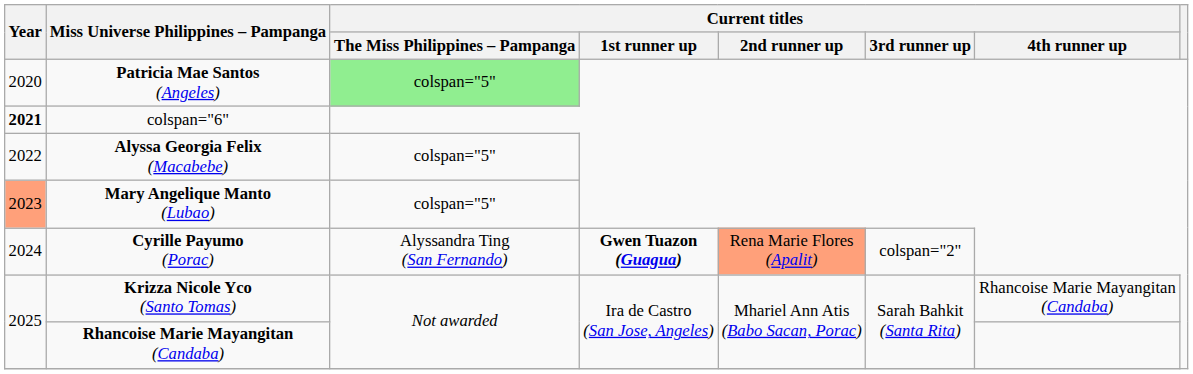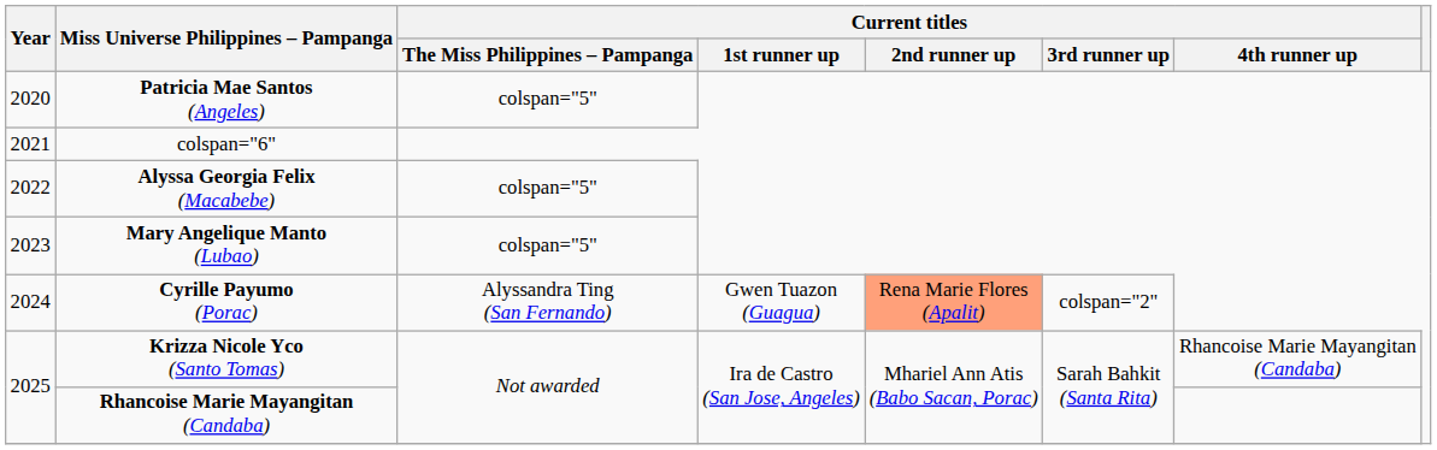 <table class="wikitable" style="text-align:center; font-size:80%">
 <tr>
 <th rowspan="2">Year</th>
 <th rowspan="2">Miss Universe Philippines – Pampanga</th>
 <th colspan="5">Current titles</th>
 <th rowspan=" 2"></th>
 </tr>
 <tr>
 <th>The Miss Philippines – Pampanga</th>
 <th>1st runner up</th>
 <th>2nd runner up</th>
 <th>3rd runner up</th>
 <th>4th runner up</th>
 </tr>
 <tr>
 <td>2020</td>
 <td><strong>Patricia Mae Santos</strong><br><em>(<a href='#'>Angeles</a>)</em></td>
-<td style="background: lightgreen;">colspan="5" </td>
+<td>colspan="5" </td>
 </tr>
 <tr>
-<td><strong>2021</strong></td>
+<td>2021</td>
 <td>colspan="6" </td>
 </tr>
 <tr>
 <td>2022</td>
 <td><strong>Alyssa Georgia Felix</strong><br><em>(<a href='#'>Macabebe</a>)</em></td>
 <td>colspan="5" </td>
 </tr>
 <tr>
-<td style="background: lightsalmon;">2023</td>
+<td>2023</td>
 <td><strong>Mary Angelique Manto</strong><br><em>(<a href='#'>Lubao</a>)</em></td>
 <td>colspan="5" </td>
 </tr>
 <tr>
 <td>2024</td>
 <td><strong>Cyrille Payumo</strong><br><em>(<a href='#'>Porac</a>)</em></td>
 <td>Alyssandra Ting<br><em>(<a href='#'>San Fernando</a>)</em></td>
-<td><strong>Gwen Tuazon<br><em>(<a href='#'>Guagua</a>)</em></strong></td>
+<td>Gwen Tuazon<br><em>(<a href='#'>Guagua</a>)</em></td>
 <td style="background: lightsalmon;">Rena Marie Flores<br><em>(<a href='#'>Apalit</a>)</em></td>
 <td>colspan="2" </td>
 </tr>
 <tr>
 <td rowspan="2">2025</td>
 <td><strong>Krizza Nicole Yco</strong><br><em>(<a href='#'>Santo Tomas</a>)</em></td>
 <td rowspan="2"><em>Not awarded</em></td>
 <td rowspan="2">Ira de Castro<br><em>(<a href='#'>San Jose, Angeles</a>)</em></td>
 <td rowspan="2">Mhariel Ann Atis<br><em>(<a href='#'>Babo Sacan, Porac</a>)</em></td>
 <td rowspan="2">Sarah Bahkit<br><em>(<a href='#'>Santa Rita</a>)</em></td>
 <td>Rhancoise Marie Mayangitan<br><em>(<a href='#'>Candaba</a>)</em></td>
 </tr>
 <tr>
 <td><strong>Rhancoise Marie Mayangitan</strong><br><em>(<a href='#'>Candaba</a>)</em><br><em></td>
 <td></td>
 </tr>
 <tr>
 </tr>
 </table>
